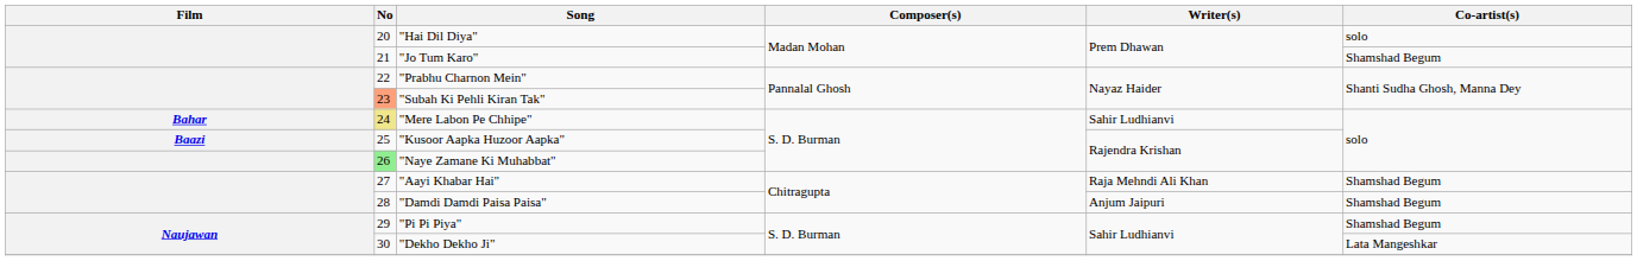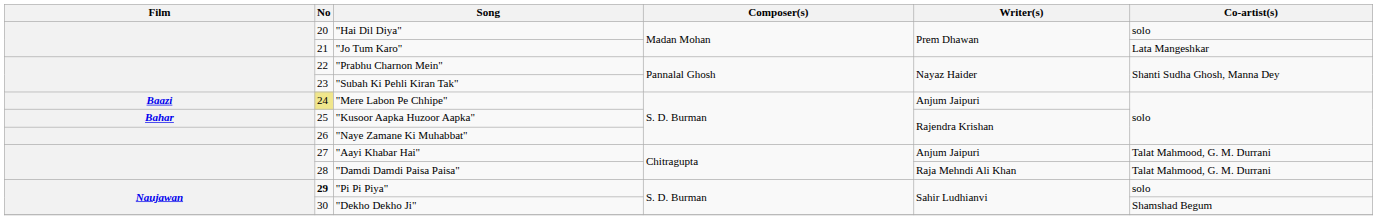 <table class="wikitable plainrowheaders" width="100%" textcolor:#000;">
 <tr style="background:#b0e0e66;">
 <th scope="col" width=23%><strong>Film</strong></th>
 <th><strong>No</strong></th>
 <th scope="col" width=23%><strong>Song</strong></th>
 <th scope="col" width=20%><strong>Composer(s)</strong></th>
 <th scope="col" width=16%><strong>Writer(s)</strong></th>
 <th scope="col" width=18%><strong>Co-artist(s)</strong></th>
 </tr>
 <tr>
 <th rowspan=2><em></em></th>
 <td>20</td>
 <td>"Hai Dil Diya"</td>
 <td rowspan=2>Madan Mohan</td>
 <td rowspan=2>Prem Dhawan</td>
 <td>solo</td>
 </tr>
 <tr>
 <td>21</td>
 <td>"Jo Tum Karo"</td>
-<td>Shamshad Begum</td>
+<td>Lata Mangeshkar</td>
 </tr>
 <tr>
 <th rowspan=2><em></em></th>
 <td>22</td>
 <td>"Prabhu Charnon Mein"</td>
 <td rowspan=2>Pannalal Ghosh</td>
 <td rowspan=2>Nayaz Haider</td>
 <td rowspan=2>Shanti Sudha Ghosh, Manna Dey</td>
 </tr>
 <tr>
-<td style="background: lightsalmon;">23</td>
+<td>23</td>
 <td>"Subah Ki Pehli Kiran Tak"</td>
 </tr>
 <tr>
-<th><em><a href='#'>Bahar</a></em></th>
+<th><em><a href='#'>Baazi</a></em></th>
 <td style="background: khaki;">24</td>
 <td>"Mere Labon Pe Chhipe"</td>
 <td rowspan=3>S. D. Burman</td>
-<td>Sahir Ludhianvi</td>
+<td>Anjum Jaipuri</td>
 <td rowspan=3>solo</td>
 </tr>
 <tr>
-<th><em><a href='#'>Baazi</a></em></th>
+<th><em><a href='#'>Bahar</a></em></th>
 <td>25</td>
 <td>"Kusoor Aapka Huzoor Aapka"</td>
 <td rowspan=2>Rajendra Krishan</td>
 </tr>
 <tr>
 <th><em></em></th>
-<td style="background: lightgreen;">26</td>
+<td>26</td>
 <td>"Naye Zamane Ki Muhabbat"</td>
 </tr>
 <tr>
 <th rowspan=2><em></em></th>
 <td>27</td>
 <td>"Aayi Khabar Hai"</td>
 <td rowspan=2>Chitragupta</td>
-<td>Raja Mehndi Ali Khan</td>
-<td>Shamshad Begum</td>
+<td>Anjum Jaipuri</td>
+<td>Talat Mahmood, G. M. Durrani</td>
 </tr>
 <tr>
 <td>28</td>
 <td>"Damdi Damdi Paisa Paisa"</td>
-<td>Anjum Jaipuri</td>
-<td>Shamshad Begum</td>
+<td>Raja Mehndi Ali Khan</td>
+<td>Talat Mahmood, G. M. Durrani</td>
 </tr>
 <tr>
 <th rowspan=2><em><a href='#'>Naujawan</a></em></th>
-<td>29</td>
+<td><strong>29</strong></td>
 <td>"Pi Pi Piya"</td>
 <td rowspan=2>S. D. Burman</td>
 <td rowspan=2>Sahir Ludhianvi</td>
-<td>Shamshad Begum</td>
+<td>solo</td>
 </tr>
 <tr>
 <td>30</td>
 <td>"Dekho Dekho Ji"</td>
-<td>Lata Mangeshkar</td>
+<td>Shamshad Begum</td>
 </tr>
 <tr>
 </tr>
 </table>
